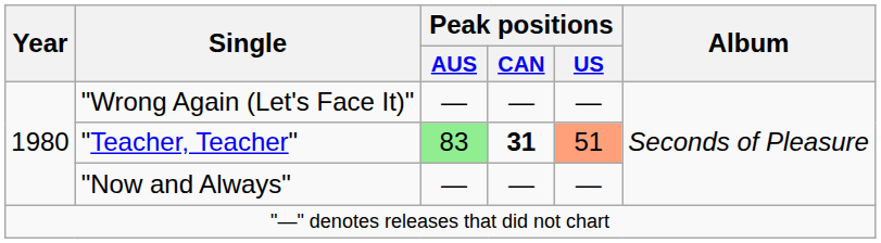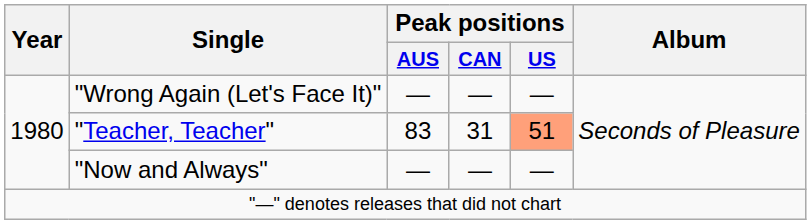 <table class="wikitable" style="text-align:center;">
 <tr>
 <th rowspan="2">Year</th>
 <th rowspan="2">Single</th>
 <th colspan="3">Peak positions</th>
 <th rowspan="2">Album</th>
 </tr>
 <tr style="font-size:smaller;">
 <th style="width:35px;"><a href='#'>AUS</a><br></th>
 <th style="width:35px;"><a href='#'>CAN</a><br></th>
 <th style="width:35px;"><a href='#'>US</a><br></th>
 </tr>
 <tr>
 <td rowspan="3">1980</td>
 <td style="text-align:left;">"Wrong Again (Let's Face It)"</td>
 <td>—</td>
 <td>—</td>
 <td>—</td>
 <td style="text-align:left;" rowspan="3"><em>Seconds of Pleasure</em></td>
 </tr>
 <tr>
 <td style="text-align:left;">"<a href='#'>Teacher, Teacher</a>"</td>
-<td style="background: lightgreen;">83</td>
-<td><strong>31</strong></td>
+<td>83</td>
+<td>31</td>
 <td style="background: lightsalmon;">51</td>
 </tr>
 <tr>
 <td style="text-align:left;">"Now and Always"</td>
 <td>—</td>
 <td>—</td>
 <td>—</td>
 </tr>
 <tr>
 <td colspan="10" style="font-size:9pt">"—" denotes releases that did not chart</td>
 </tr>
 </table>
